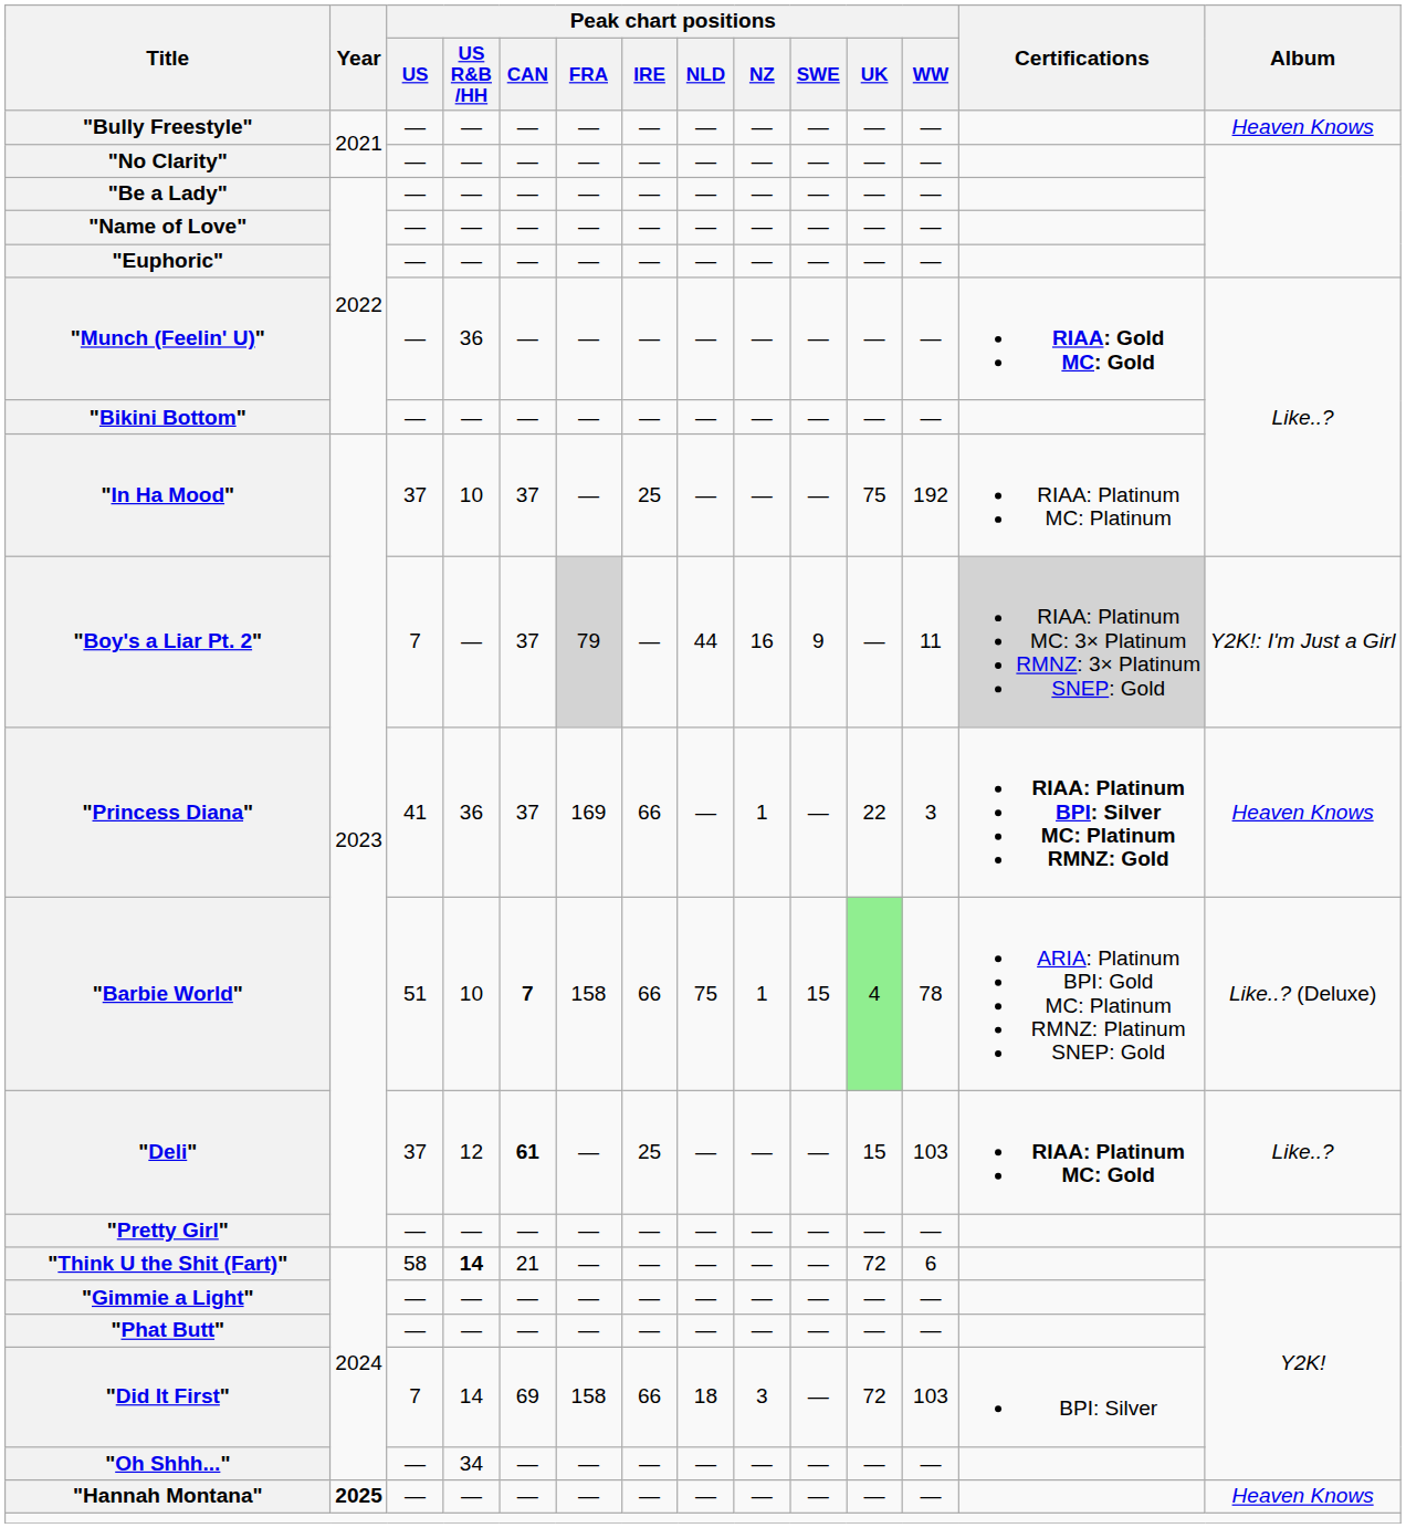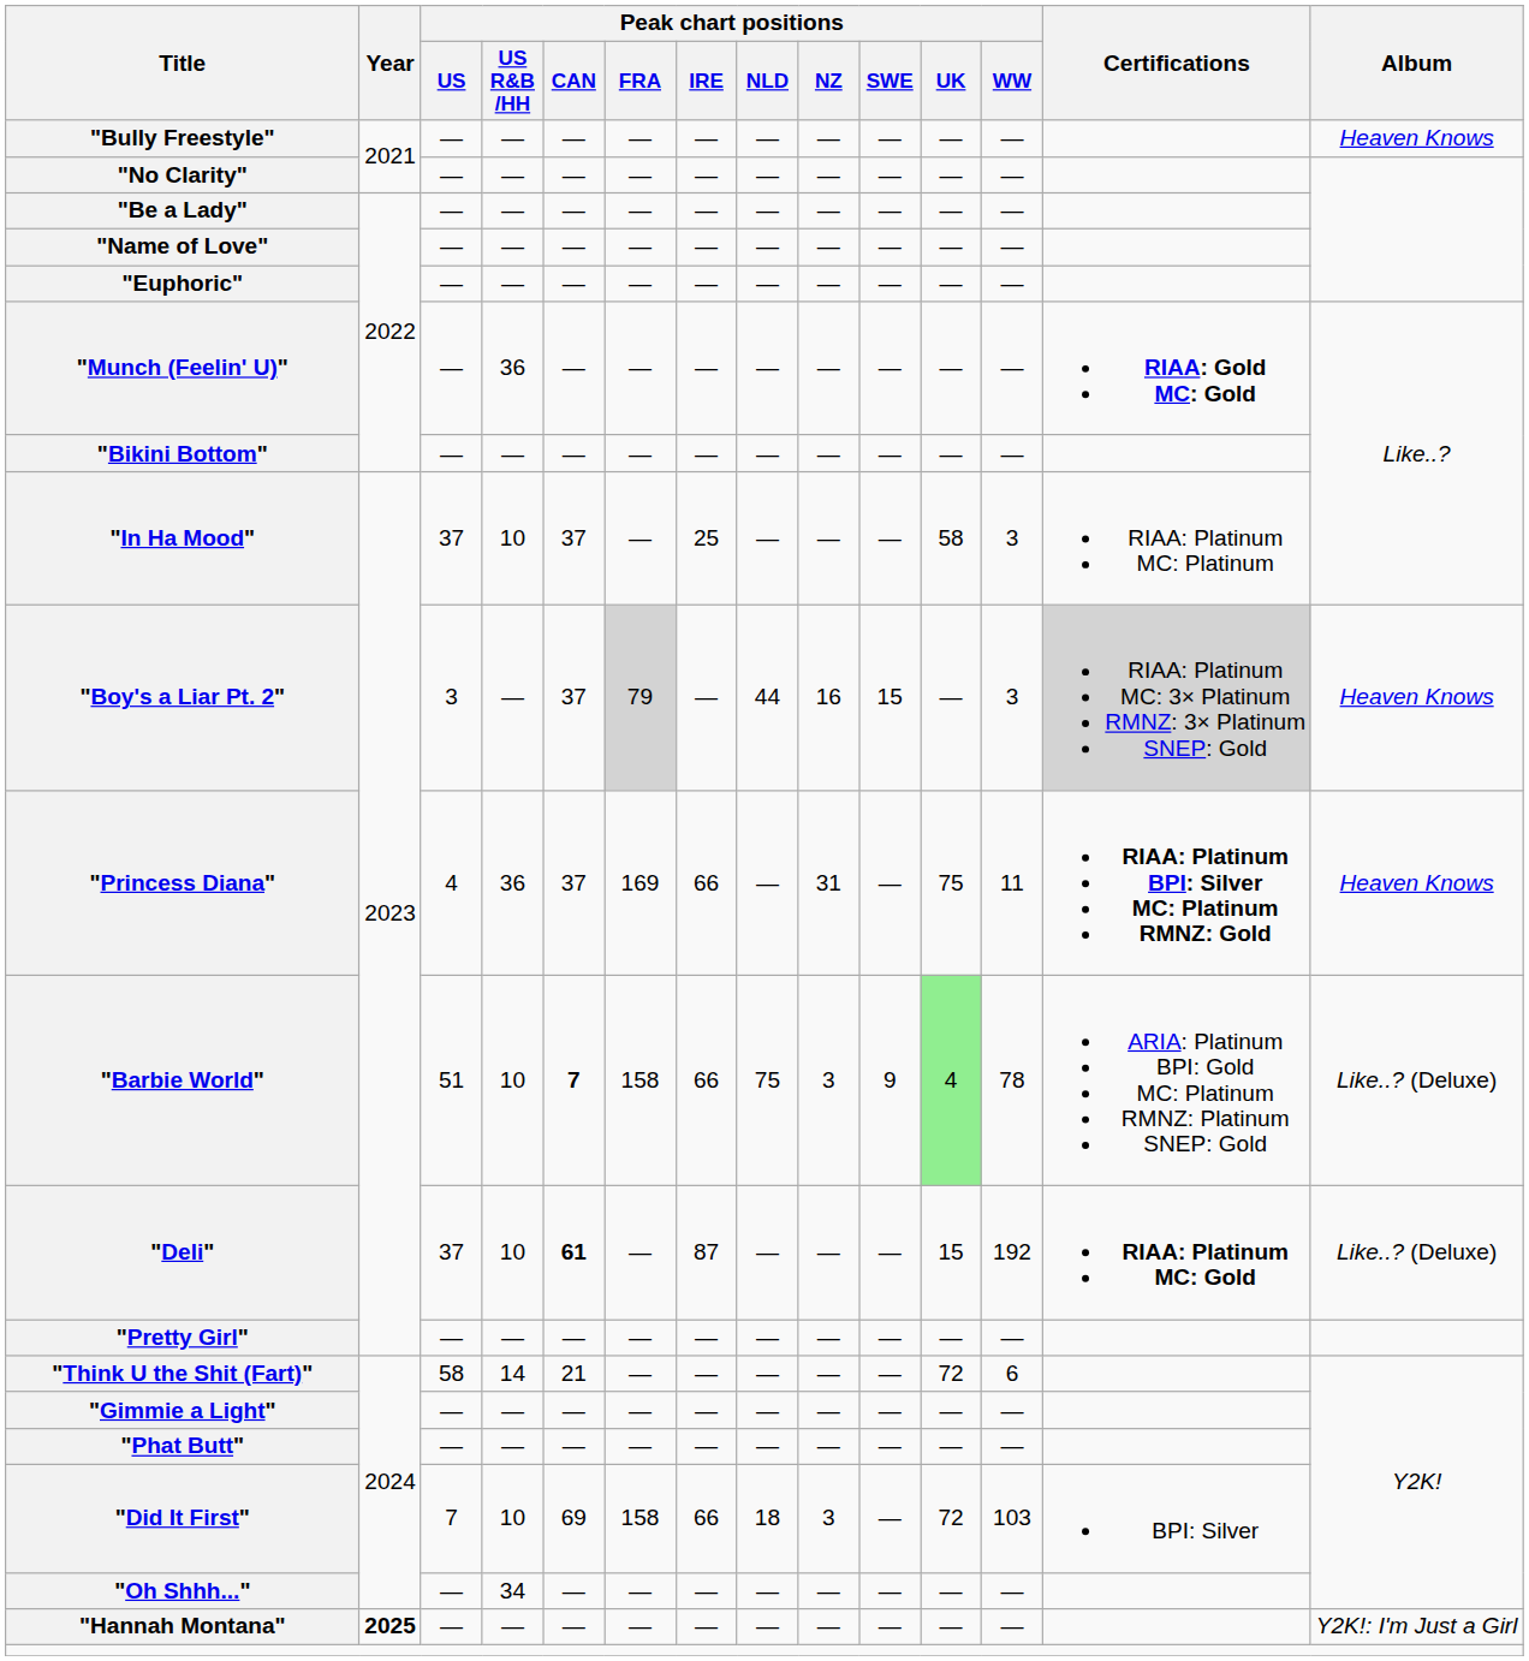 <table class="wikitable plainrowheaders" style="text-align:center;">
 <tr>
 <th scope="col" rowspan="2" style="width:15em;">Title</th>
 <th scope="col" rowspan="2">Year</th>
 <th scope="col" colspan="10">Peak chart positions</th>
 <th scope="col" rowspan="2">Certifications</th>
 <th scope="col" rowspan="2">Album</th>
 </tr>
 <tr>
 <th scope="col" style="width:2.5em;font-size:90%;"><a href='#'>US</a><br></th>
 <th scope="col" style="width:2.5em;font-size:90%;"><a href='#'>US<br>R&B<br>/HH</a><br></th>
 <th scope="col" style="width:2.5em;font-size:90%;"><a href='#'>CAN</a><br></th>
 <th scope="col" style="width:3em;font-size:90%;"><a href='#'>FRA</a><br></th>
 <th scope="col" style="width:2.5em;font-size:90%;"><a href='#'>IRE</a><br></th>
 <th scope="col" style="width:2.5em;font-size:90%;"><a href='#'>NLD</a><br></th>
 <th scope="col" style="width:2.5em;font-size:90%;"><a href='#'>NZ</a><br></th>
 <th scope="col" style="width:2.5em;font-size:90%;"><a href='#'>SWE</a><br></th>
 <th scope="col" style="width:2.5em;font-size:90%;"><a href='#'>UK</a><br></th>
 <th scope="col" style="width:2.5em;font-size:90%;"><a href='#'>WW</a><br></th>
 </tr>
 <tr>
 <th scope="row">"Bully Freestyle"</th>
 <td rowspan="2">2021</td>
 <td>—</td>
 <td>—</td>
 <td>—</td>
 <td>—</td>
 <td>—</td>
 <td>—</td>
 <td>—</td>
 <td>—</td>
 <td>—</td>
 <td>—</td>
 <td></td>
 <td><em><a href='#'>Heaven Knows</a></em></td>
 </tr>
 <tr>
 <th scope="row">"No Clarity"</th>
 <td>—</td>
 <td>—</td>
 <td>—</td>
 <td>—</td>
 <td>—</td>
 <td>—</td>
 <td>—</td>
 <td>—</td>
 <td>—</td>
 <td>—</td>
 <td></td>
 </tr>
 <tr>
 <th scope="row">"Be a Lady"</th>
 <td rowspan="5">2022</td>
 <td>—</td>
 <td>—</td>
 <td>—</td>
 <td>—</td>
 <td>—</td>
 <td>—</td>
 <td>—</td>
 <td>—</td>
 <td>—</td>
 <td>—</td>
 <td></td>
 </tr>
 <tr>
 <th scope="row">"Name of Love"</th>
 <td>—</td>
 <td>—</td>
 <td>—</td>
 <td>—</td>
 <td>—</td>
 <td>—</td>
 <td>—</td>
 <td>—</td>
 <td>—</td>
 <td>—</td>
 <td></td>
 </tr>
 <tr>
 <th scope="row">"Euphoric"</th>
 <td>—</td>
 <td>—</td>
 <td>—</td>
 <td>—</td>
 <td>—</td>
 <td>—</td>
 <td>—</td>
 <td>—</td>
 <td>—</td>
 <td>—</td>
 <td></td>
 </tr>
 <tr>
 <th scope="row">"<a href='#'>Munch (Feelin' U)</a>"</th>
 <td>—</td>
 <td>36</td>
 <td>—</td>
 <td>—</td>
 <td>—</td>
 <td>—</td>
 <td>—</td>
 <td>—</td>
 <td>—</td>
 <td>—</td>
 <td><strong><br><ul><li><a href='#'>RIAA</a>: Gold</li><li><a href='#'>MC</a>: Gold</li></ul></strong></td>
 <td rowspan="3"><em>Like..?</em></td>
 </tr>
 <tr>
 <th scope="row">"<a href='#'>Bikini Bottom</a>"</th>
 <td>—</td>
 <td>—</td>
 <td>—</td>
 <td>—</td>
 <td>—</td>
 <td>—</td>
 <td>—</td>
 <td>—</td>
 <td>—</td>
 <td>—</td>
 <td></td>
 </tr>
 <tr>
 <th scope="row">"<a href='#'>In Ha Mood</a>"</th>
 <td rowspan="6">2023</td>
 <td>37</td>
 <td>10</td>
 <td>37</td>
 <td>—</td>
 <td>25</td>
 <td>—</td>
 <td>—</td>
 <td>—</td>
-<td>75</td>
-<td>192</td>
+<td>58</td>
+<td>3</td>
 <td><br><ul><li>RIAA: Platinum</li><li>MC: Platinum</li></ul></td>
 </tr>
 <tr>
 <th Scope="row">"<a href='#'>Boy's a Liar Pt. 2</a>"<br></th>
-<td>7</td>
+<td>3</td>
 <td>—</td>
 <td>37</td>
 <td style="background: lightgrey;">79</td>
 <td>—</td>
 <td>44</td>
 <td>16</td>
-<td>9</td>
+<td>15</td>
 <td>—</td>
-<td>11</td>
+<td>3</td>
 <td style="background: lightgrey;"><br><ul><li>RIAA: Platinum</li><li>MC: 3× Platinum</li><li><a href='#'>RMNZ</a>: 3× Platinum</li><li><a href='#'>SNEP</a>: Gold</li></ul></td>
-<td><em>Y2K!: I'm Just a Girl</em></td>
+<td><em><a href='#'>Heaven Knows</a></em></td>
 </tr>
 <tr>
 <th scope="row">"<a href='#'>Princess Diana</a>"<br></th>
-<td>41</td>
+<td>4</td>
 <td>36</td>
 <td>37</td>
 <td>169</td>
 <td>66</td>
 <td>—</td>
-<td>1</td>
+<td>31</td>
 <td>—</td>
-<td>22</td>
-<td>3</td>
+<td>75</td>
+<td>11</td>
 <td><strong><br><ul><li>RIAA: Platinum</li><li><a href='#'>BPI</a>: Silver</li><li>MC: Platinum</li><li>RMNZ: Gold</li></ul></strong></td>
 <td><em><a href='#'>Heaven Knows</a></em></td>
 </tr>
 <tr>
 <th scope="row">"<a href='#'>Barbie World</a>"<br></th>
 <td>51</td>
 <td>10</td>
 <td><strong>7</strong></td>
 <td>158</td>
 <td>66</td>
 <td>75</td>
-<td>1</td>
-<td>15</td>
+<td>3</td>
+<td>9</td>
 <td style="background: lightgreen;">4</td>
 <td>78</td>
 <td><br><ul><li><a href='#'>ARIA</a>: Platinum</li><li>BPI: Gold</li><li>MC: Platinum</li><li>RMNZ: Platinum</li><li>SNEP: Gold</li></ul></td>
 <td><em>Like..?</em> (Deluxe)</td>
 </tr>
 <tr>
 <th scope="row">"<a href='#'>Deli</a>"</th>
 <td>37</td>
-<td>12</td>
+<td>10</td>
 <td><strong>61</strong></td>
 <td>—</td>
-<td>25</td>
+<td>87</td>
 <td>—</td>
 <td>—</td>
 <td>—</td>
 <td>15</td>
-<td>103</td>
+<td>192</td>
 <td><strong><br><ul><li>RIAA: Platinum</li><li>MC: Gold</li></ul></strong></td>
-<td><em>Like..?</em></td>
+<td><em>Like..?</em> (Deluxe)</td>
 </tr>
 <tr>
 <th scope="row">"<a href='#'>Pretty Girl</a>"<br></th>
 <td>—</td>
 <td>—</td>
 <td>—</td>
 <td>—</td>
 <td>—</td>
 <td>—</td>
 <td>—</td>
 <td>—</td>
 <td>—</td>
 <td>—</td>
 <td></td>
 <td></td>
 </tr>
 <tr>
 <th scope="row">"<a href='#'>Think U the Shit (Fart)</a>"</th>
 <td rowspan="5">2024</td>
 <td>58</td>
-<td><strong>14</strong></td>
+<td>14</td>
 <td>21</td>
 <td>—</td>
 <td>—</td>
 <td>—</td>
 <td>—</td>
 <td>—</td>
 <td>72</td>
 <td>6</td>
 <td></td>
 <td rowspan="5"><em>Y2K!</em></td>
 </tr>
 <tr>
 <th scope="row">"<a href='#'>Gimmie a Light</a>"</th>
 <td>—</td>
 <td>—</td>
 <td>—</td>
 <td>—</td>
 <td>—</td>
 <td>—</td>
 <td>—</td>
 <td>—</td>
 <td>—</td>
 <td>—</td>
 <td></td>
 </tr>
 <tr>
 <th scope="row">"<a href='#'>Phat Butt</a>"</th>
 <td>—</td>
 <td>—</td>
 <td>—</td>
 <td>—</td>
 <td>—</td>
 <td>—</td>
 <td>—</td>
 <td>—</td>
 <td>—</td>
 <td>—</td>
 <td></td>
 </tr>
 <tr>
 <th scope="row">"<a href='#'>Did It First</a>"<br></th>
 <td>7</td>
-<td>14</td>
+<td>10</td>
 <td>69</td>
 <td>158</td>
 <td>66</td>
 <td>18</td>
 <td>3</td>
 <td>—</td>
 <td>72</td>
 <td>103</td>
 <td><br><ul><li>BPI: Silver</li></ul></td>
 </tr>
 <tr>
 <th scope="row">"<a href='#'>Oh Shhh...</a>"<br></th>
 <td>—</td>
 <td>34</td>
 <td>—</td>
 <td>—</td>
 <td>—</td>
 <td>—</td>
 <td>—</td>
 <td>—</td>
 <td>—</td>
 <td>—</td>
 <td></td>
 </tr>
 <tr>
 <th scope="row">"Hannah Montana"<br></th>
 <td><strong>2025</strong></td>
 <td>—</td>
 <td>—</td>
 <td>—</td>
 <td>—</td>
 <td>—</td>
 <td>—</td>
 <td>—</td>
 <td>—</td>
 <td>—</td>
 <td>—</td>
 <td></td>
-<td><em><a href='#'>Heaven Knows</a></em></td>
+<td><em>Y2K!: I'm Just a Girl</em></td>
 </tr>
 <tr>
 <td colspan="16"></td>
 </tr>
 </table>
